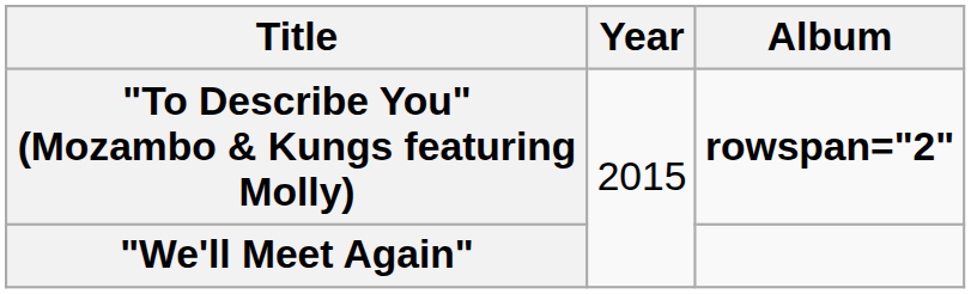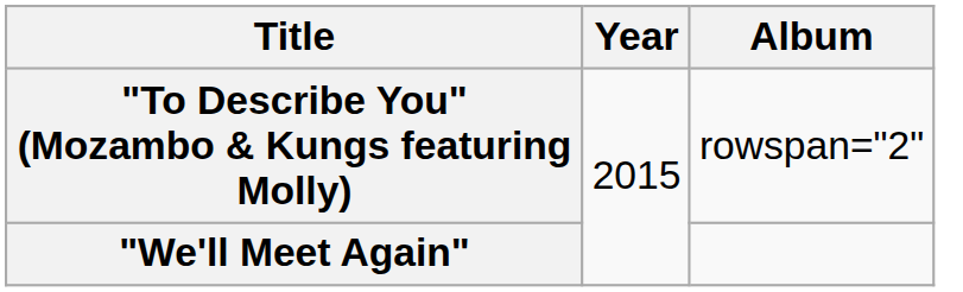 <table class="wikitable plainrowheaders" style="text-align:center;">
 <tr>
 <th scope="col" style="width:14em;">Title</th>
 <th scope="col" style="width:1em;">Year</th>
 <th scope="col">Album</th>
 </tr>
 <tr>
 <th scope="row">"To Describe You"<br><span>(Mozambo & Kungs featuring Molly)</span></th>
 <td rowspan="2">2015</td>
-<td><strong>rowspan="2" </strong></td>
+<td>rowspan="2" </td>
 </tr>
 <tr>
 <th scope="row">"We'll Meet Again"</th>
 </tr>
 </table>
